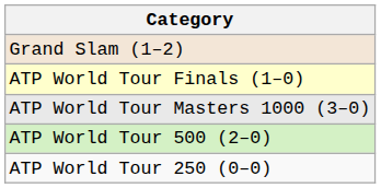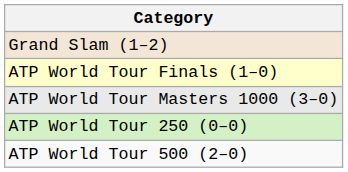 <table class=wikitable>
 <tr>
 <th>Category</th>
 </tr>
 <tr bgcolor=#f3e6d7>
 <td>Grand Slam (1–2)</td>
 </tr>
 <tr bgcolor=ffffcc>
 <td>ATP World Tour Finals (1–0)</td>
 </tr>
 <tr bgcolor=#e9e9e9>
 <td>ATP World Tour Masters 1000 (3–0)</td>
 </tr>
 <tr bgcolor=#d4f1c5>
+<td>ATP World Tour 250 (0–0)</td>
+</tr>
+<tr>
 <td>ATP World Tour 500 (2–0)</td>
 </tr>
-<tr>
-<td>ATP World Tour 250 (0–0)</td>
-</tr>
 </table>
